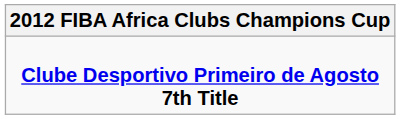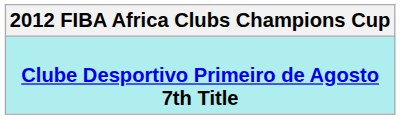 <table class=wikitable style="text-align:center; margin:auto">
 <tr>
 <th>2012 FIBA Africa Clubs Champions Cup</th>
 </tr>
 <tr>
-<td><br><strong><a href='#'>Clube Desportivo Primeiro de Agosto</a></strong><br><strong>7th Title</strong></td>
+<td style="background: paleturquoise;"><br><strong><a href='#'>Clube Desportivo Primeiro de Agosto</a></strong><br><strong>7th Title</strong></td>
 </tr>
 </table>
